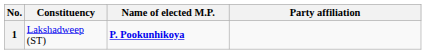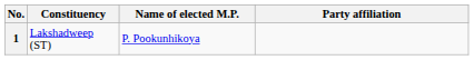 <table class="wikitable">
 <tr style="background:#ccc; text-align:center;">
 <th>No.</th>
 <th style="width:120px">Constituency</th>
 <th style="width:180px">Name of elected M.P.</th>
 <th colspan="2" style="width:18em">Party affiliation</th>
 </tr>
 <tr>
 <th>1</th>
 <td><a href='#'>Lakshadweep</a> (ST)</td>
-<td><strong><a href='#'>P. Pookunhikoya</a></strong></td>
+<td><a href='#'>P. Pookunhikoya</a></td>
 <td></td>
 </tr>
 </table>
